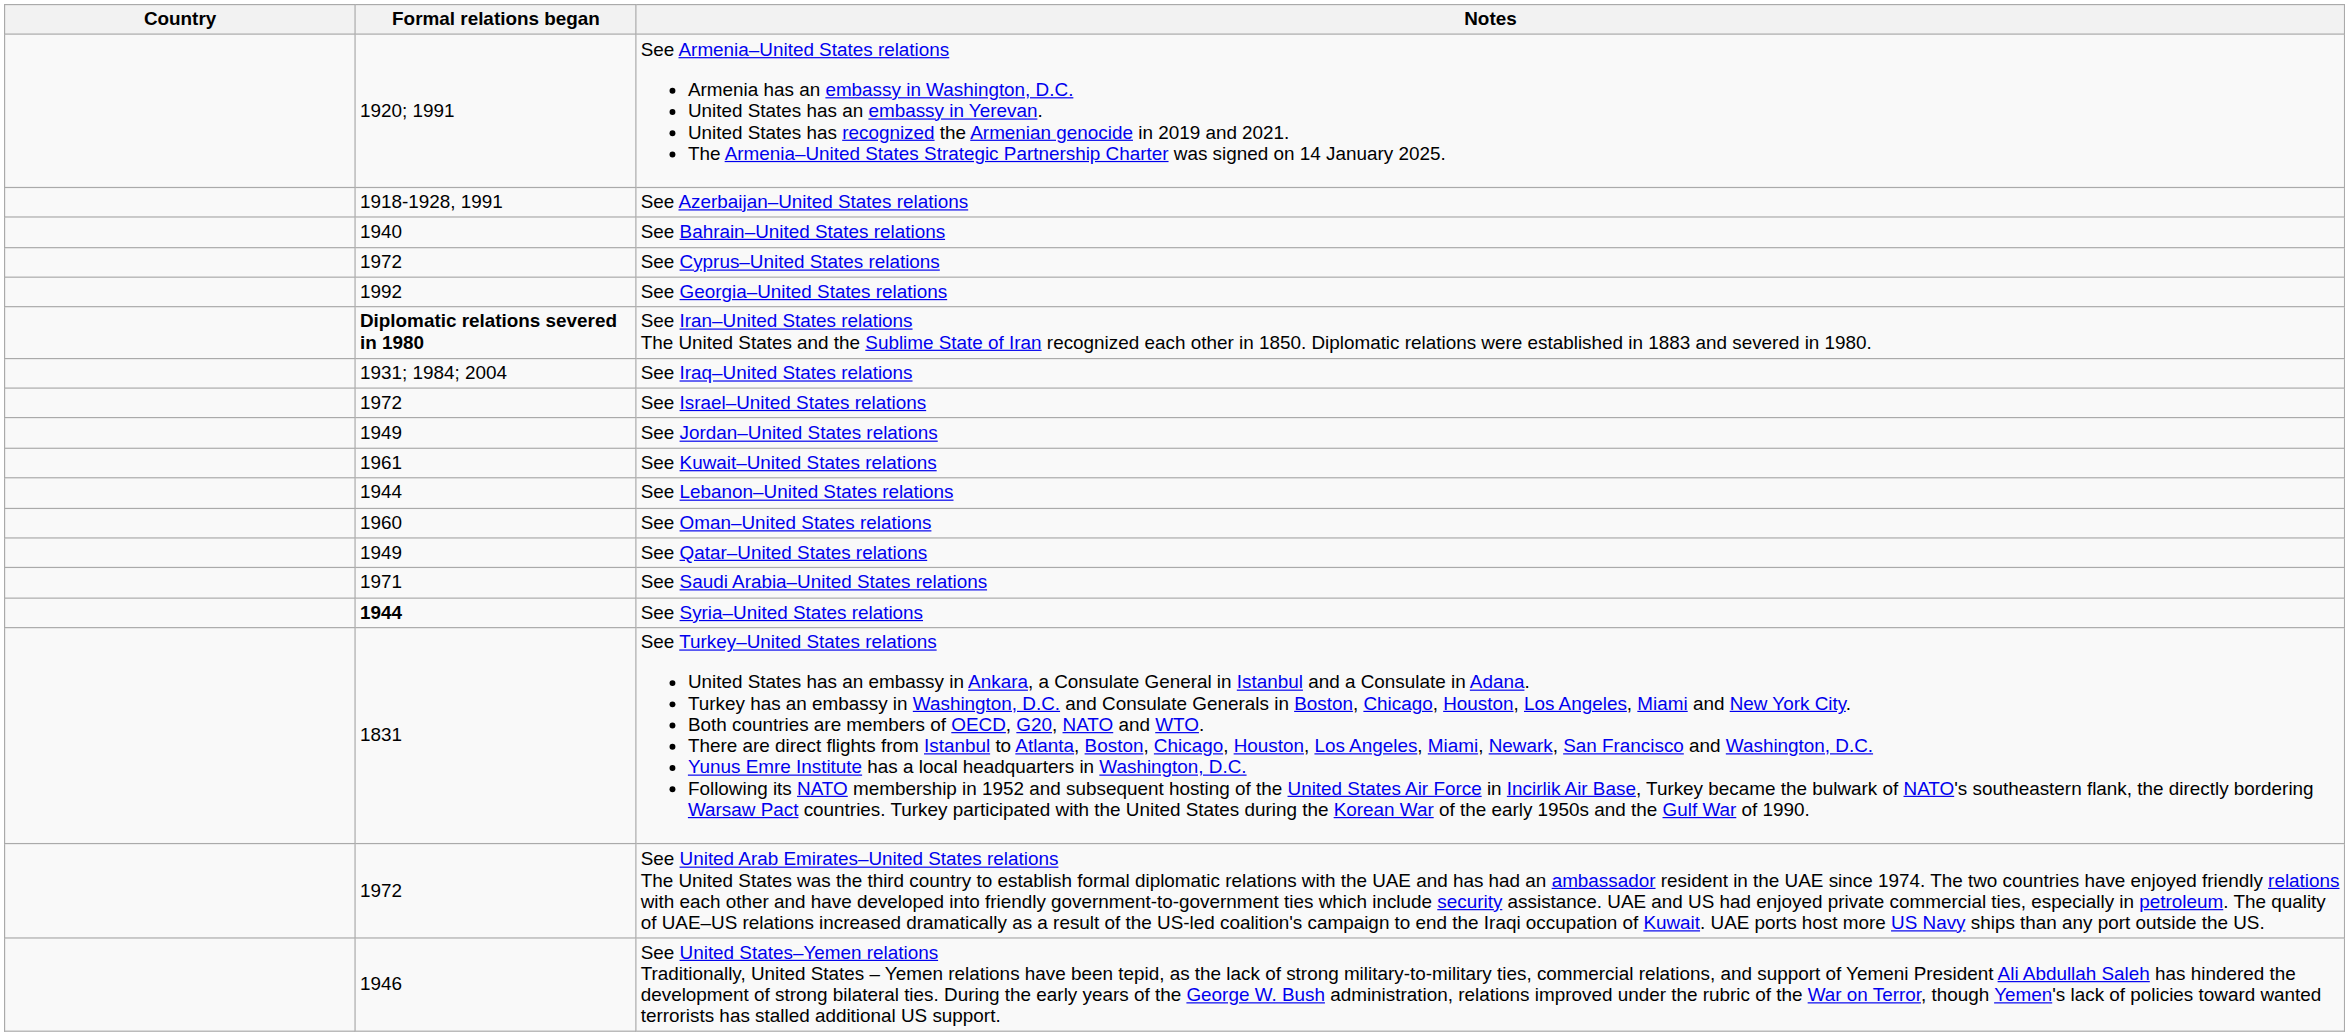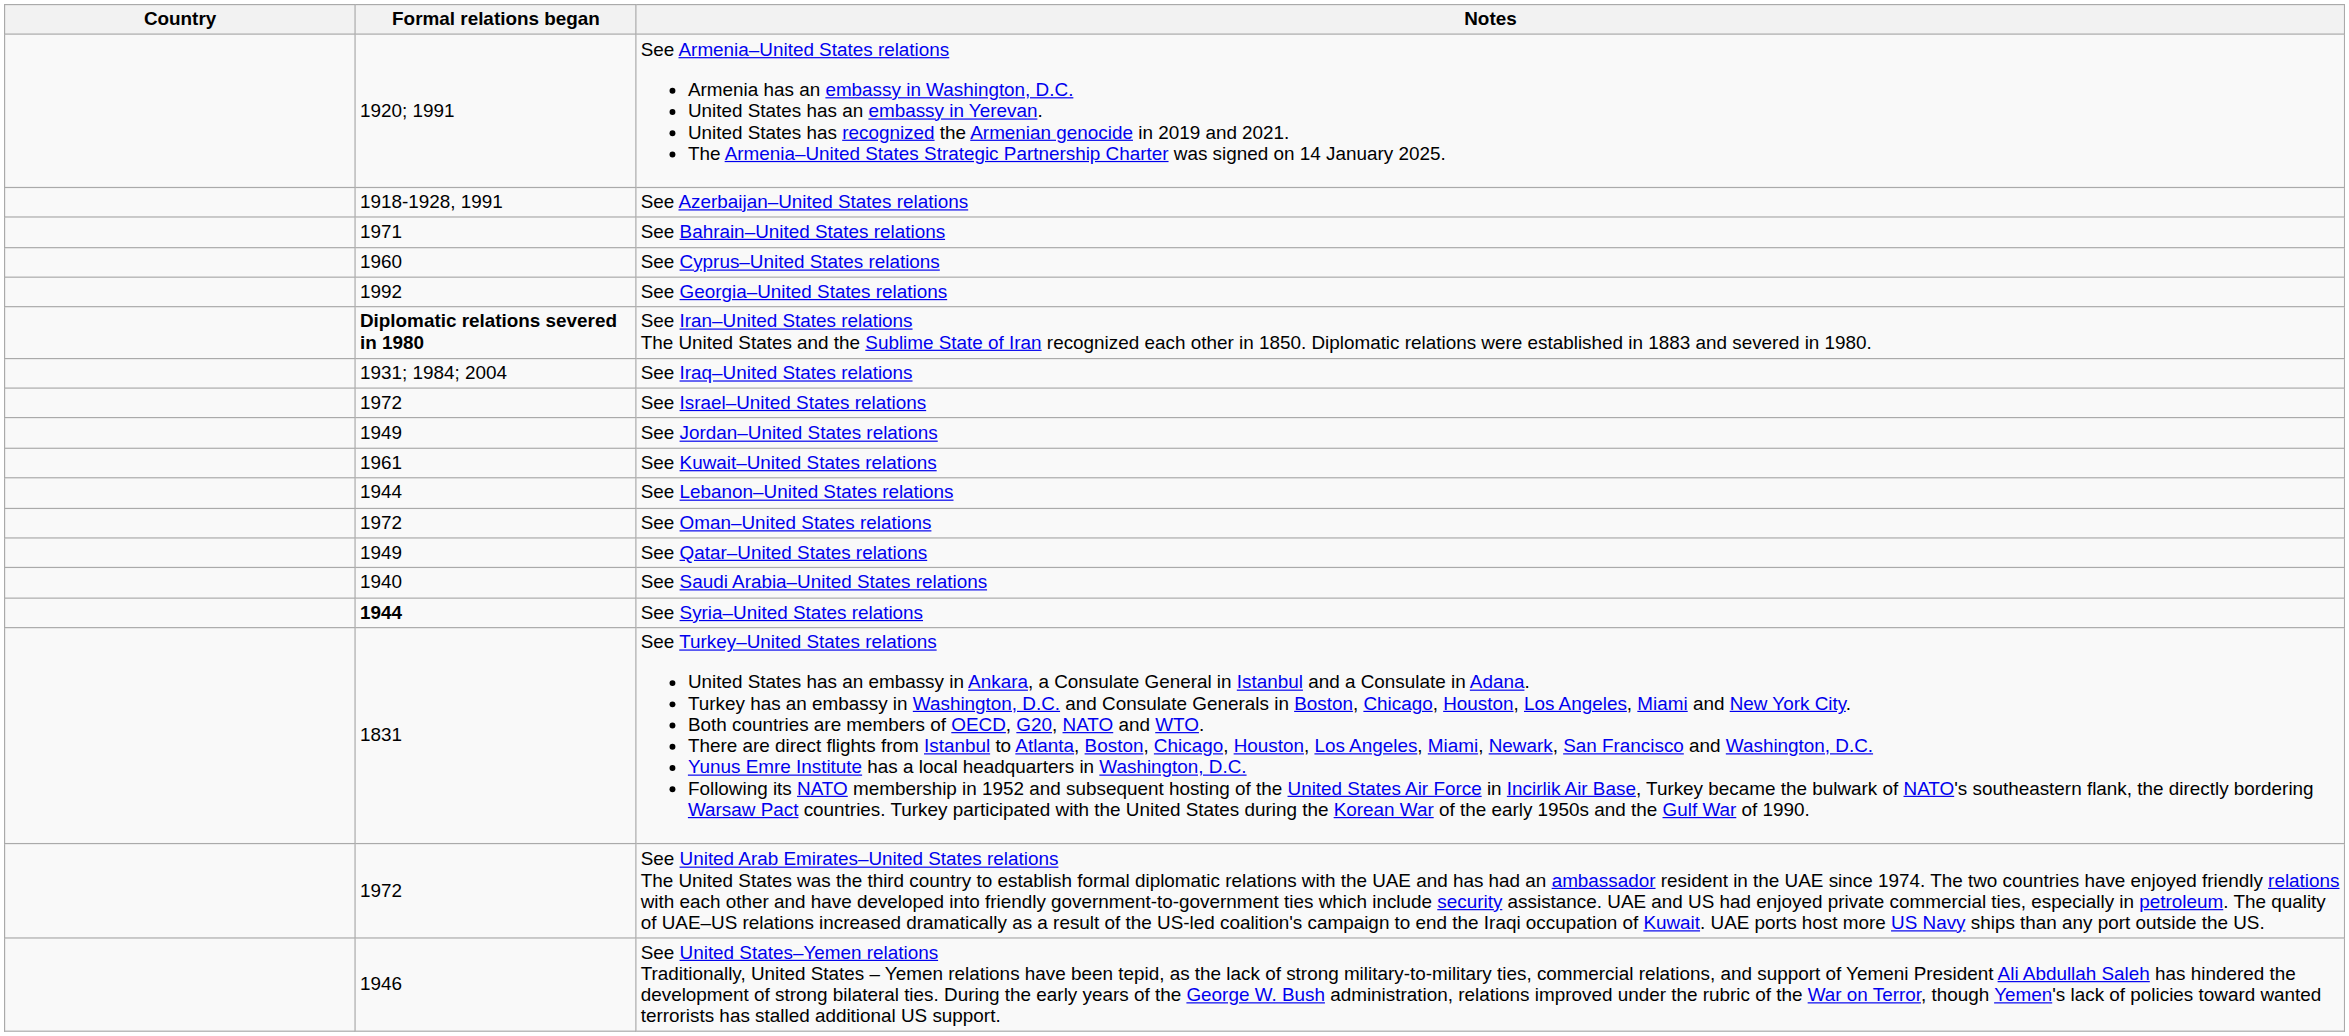 <table class="wikitable sortable" border="1" style="width:100%; margin:auto;">
 <tr>
 <th width="15%">Country</th>
 <th width="12%">Formal relations began</th>
 <th>Notes</th>
 </tr>
 <tr -valign="top">
 <td></td>
 <td>1920; 1991</td>
 <td>See <a href='#'>Armenia–United States relations</a><br><ul><li>Armenia has an <a href='#'>embassy in Washington, D.C.</a></li><li>United States has an <a href='#'>embassy in Yerevan</a>.</li><li>United States has <a href='#'>recognized</a> the <a href='#'>Armenian genocide</a> in 2019 and 2021.</li><li>The <a href='#'>Armenia–United States Strategic Partnership Charter</a> was signed on 14 January 2025.</li></ul></td>
 </tr>
 <tr -valign="top">
 <td></td>
 <td>1918-1928, 1991</td>
 <td>See <a href='#'>Azerbaijan–United States relations</a></td>
 </tr>
 <tr -valign="top">
 <td></td>
-<td>1940</td>
+<td>1971</td>
 <td>See <a href='#'>Bahrain–United States relations</a></td>
 </tr>
 <tr -valign="top">
 <td></td>
-<td>1972</td>
+<td>1960</td>
 <td>See <a href='#'>Cyprus–United States relations</a></td>
 </tr>
 <tr -valign="top">
 <td></td>
 <td>1992</td>
 <td>See <a href='#'>Georgia–United States relations</a></td>
 </tr>
 <tr -valign="top">
 <td></td>
 <td><strong>Diplomatic relations severed in 1980</strong></td>
 <td>See <a href='#'>Iran–United States relations</a><br>The United States and the <a href='#'>Sublime State of Iran</a> recognized each other in 1850. Diplomatic relations were established in 1883 and severed in 1980.</td>
 </tr>
 <tr -valign="top">
 <td></td>
 <td>1931; 1984; 2004</td>
 <td>See <a href='#'>Iraq–United States relations</a></td>
 </tr>
 <tr -valign="top">
 <td></td>
 <td>1972</td>
 <td>See <a href='#'>Israel–United States relations</a></td>
 </tr>
 <tr -valign="top">
 <td></td>
 <td>1949</td>
 <td>See <a href='#'>Jordan–United States relations</a><br></td>
 </tr>
 <tr -valign="top">
 <td></td>
 <td>1961</td>
 <td>See <a href='#'>Kuwait–United States relations</a></td>
 </tr>
 <tr -valign="top">
 <td></td>
 <td>1944</td>
 <td>See <a href='#'>Lebanon–United States relations</a></td>
 </tr>
 <tr -valign="top">
 <td></td>
-<td>1960</td>
+<td>1972</td>
 <td>See <a href='#'>Oman–United States relations</a></td>
 </tr>
 <tr -valign="top">
 <td></td>
 <td>1949</td>
 <td>See <a href='#'>Qatar–United States relations</a></td>
 </tr>
 <tr -valign="top">
 <td></td>
-<td>1971</td>
+<td>1940</td>
 <td>See <a href='#'>Saudi Arabia–United States relations</a></td>
 </tr>
 <tr -valign="top">
 <td></td>
 <td><strong>1944</strong></td>
 <td>See <a href='#'>Syria–United States relations</a></td>
 </tr>
 <tr -valign="top">
 <td></td>
 <td>1831</td>
 <td>See <a href='#'>Turkey–United States relations</a><br><ul><li>United States has an embassy in <a href='#'>Ankara</a>, a Consulate General in <a href='#'>Istanbul</a> and a Consulate in <a href='#'>Adana</a>.</li><li>Turkey has an embassy in <a href='#'>Washington, D.C.</a> and Consulate Generals in <a href='#'>Boston</a>, <a href='#'>Chicago</a>, <a href='#'>Houston</a>, <a href='#'>Los Angeles</a>, <a href='#'>Miami</a> and <a href='#'>New York City</a>.</li><li>Both countries are members of <a href='#'>OECD</a>, <a href='#'>G20</a>, <a href='#'>NATO</a> and <a href='#'>WTO</a>.</li><li>There are direct flights from <a href='#'>Istanbul</a>  to <a href='#'>Atlanta</a>, <a href='#'>Boston</a>, <a href='#'>Chicago</a>, <a href='#'>Houston</a>, <a href='#'>Los Angeles</a>, <a href='#'>Miami</a>, <a href='#'>Newark</a>, <a href='#'>San Francisco</a> and <a href='#'>Washington, D.C.</a></li><li><a href='#'>Yunus Emre Institute</a> has a local headquarters in <a href='#'>Washington, D.C.</a></li><li>Following its <a href='#'>NATO</a> membership in 1952 and subsequent hosting of the <a href='#'>United States Air Force</a> in <a href='#'>Incirlik Air Base</a>, Turkey became the bulwark of <a href='#'>NATO</a>'s southeastern flank, the directly bordering <a href='#'>Warsaw Pact</a> countries. Turkey participated with the United States during the <a href='#'>Korean War</a> of the early 1950s and the <a href='#'>Gulf War</a> of 1990.</li></ul></td>
 </tr>
 <tr -valign="top">
 <td></td>
 <td>1972</td>
 <td>See <a href='#'>United Arab Emirates–United States relations</a><br> The United States was the third country to establish formal diplomatic relations with the UAE and has had an <a href='#'>ambassador</a> resident in the UAE since 1974. The two countries have enjoyed friendly <a href='#'>relations</a> with each other and have developed into friendly government-to-government ties which include <a href='#'>security</a> assistance. UAE and US had enjoyed private commercial ties, especially in <a href='#'>petroleum</a>. The quality of UAE–US relations increased dramatically as a result of the US-led coalition's campaign to end the Iraqi occupation of <a href='#'>Kuwait</a>. UAE ports host more <a href='#'>US Navy</a> ships than any port outside the US.</td>
 </tr>
 <tr -valign="top">
 <td></td>
 <td>1946</td>
 <td>See <a href='#'>United States–Yemen relations</a><br>Traditionally, United States – Yemen relations have been tepid, as the lack of strong military-to-military ties, commercial relations, and support of Yemeni President <a href='#'>Ali Abdullah Saleh</a> has hindered the development of strong bilateral ties. During the early years of the <a href='#'>George W. Bush</a> administration, relations improved under the rubric of the <a href='#'>War on Terror</a>, though <a href='#'>Yemen</a>'s lack of policies toward wanted terrorists has stalled additional US support.</td>
 </tr>
 </table>
